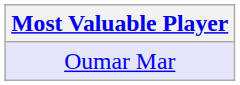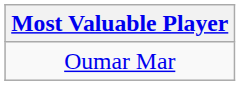 <table class=wikitable style="text-align:center; margin:auto">
 <tr>
 <th><a href='#'>Most Valuable Player</a></th>
 </tr>
 <tr>
-<td style="background: lavender;"> <a href='#'>Oumar Mar</a></td>
+<td> <a href='#'>Oumar Mar</a></td>
 </tr>
 </table>
